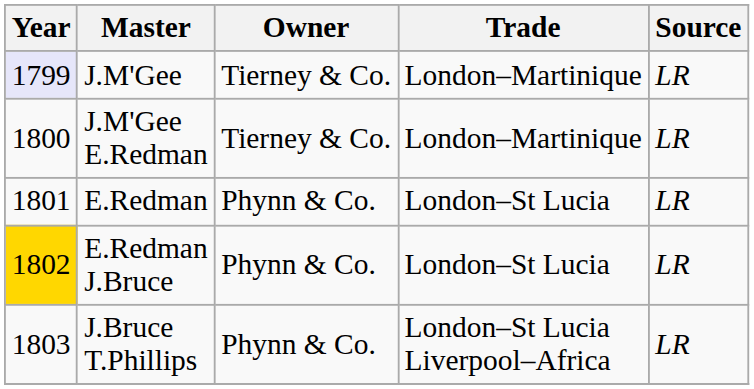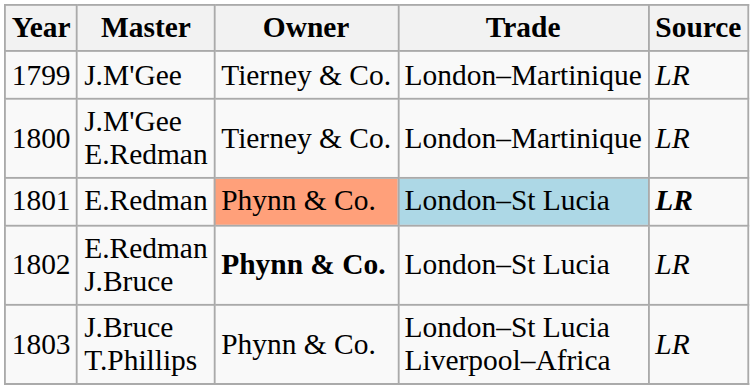 <table class=" wikitable">
 <tr>
 <th>Year</th>
 <th>Master</th>
 <th>Owner</th>
 <th>Trade</th>
 <th>Source</th>
 </tr>
 <tr>
-<td style="background: lavender;">1799</td>
+<td>1799</td>
 <td>J.M'Gee</td>
 <td>Tierney & Co.</td>
 <td>London–Martinique</td>
 <td><em>LR</em></td>
 </tr>
 <tr>
 <td>1800</td>
 <td>J.M'Gee<br>E.Redman</td>
 <td>Tierney & Co.</td>
 <td>London–Martinique</td>
 <td><em>LR</em></td>
 </tr>
 <tr>
 <td>1801</td>
 <td>E.Redman</td>
-<td>Phynn & Co.</td>
-<td>London–St Lucia</td>
-<td><em>LR</em></td>
+<td style="background: lightsalmon;">Phynn & Co.</td>
+<td style="background: lightblue;">London–St Lucia</td>
+<td><strong><em>LR</em></strong></td>
 </tr>
 <tr>
-<td style="background: gold;">1802</td>
+<td>1802</td>
 <td>E.Redman<br>J.Bruce</td>
-<td>Phynn & Co.</td>
+<td><strong>Phynn & Co.</strong></td>
 <td>London–St Lucia</td>
 <td><em>LR</em></td>
 </tr>
 <tr>
 <td>1803</td>
 <td>J.Bruce<br>T.Phillips</td>
 <td>Phynn & Co.</td>
 <td>London–St Lucia<br>Liverpool–Africa</td>
 <td><em>LR</em></td>
 </tr>
 <tr>
 </tr>
 </table>
